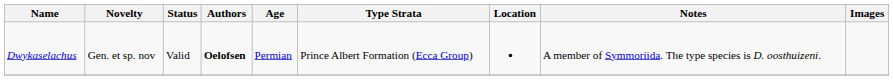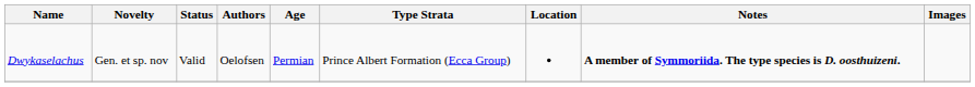 <table class="wikitable sortable" align="center" width="100%">
 <tr>
 <th>Name</th>
 <th>Novelty</th>
 <th>Status</th>
 <th>Authors</th>
 <th>Age</th>
 <th>Type Strata</th>
 <th>Location</th>
 <th>Notes</th>
 <th>Images</th>
 </tr>
 <tr>
 <td><br><em><a href='#'>Dwykaselachus</a></em></td>
 <td><br>Gen. et sp. nov</td>
 <td><br>Valid</td>
-<td><strong><br>Oelofsen</strong></td>
+<td><br>Oelofsen</td>
 <td><br><a href='#'>Permian</a></td>
 <td><br>Prince Albert Formation (<a href='#'>Ecca Group</a>)</td>
 <td><br><ul><li></li></ul></td>
-<td><br>A member of <a href='#'>Symmoriida</a>. The type species is <em>D. oosthuizeni</em>.</td>
+<td><strong><br>A member of <a href='#'>Symmoriida</a>. The type species is <em>D. oosthuizeni</em>.</strong></td>
 <td></td>
 </tr>
 <tr>
 </tr>
 </table>
